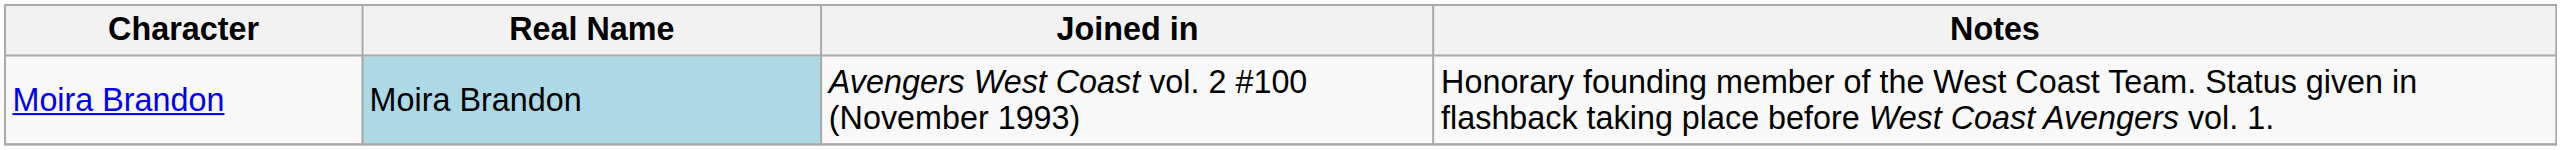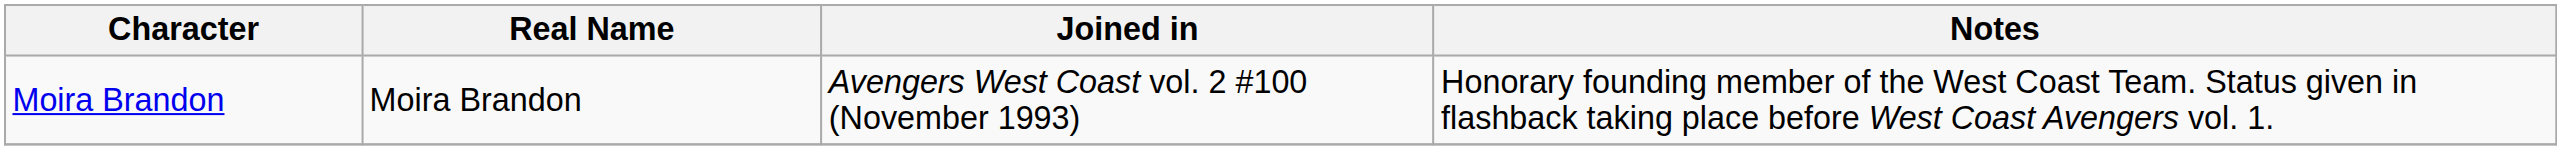 <table class="wikitable" style="width:100%;">
 <tr>
 <th width=14%>Character</th>
 <th width=18%>Real Name</th>
 <th width=24%>Joined in</th>
 <th>Notes</th>
 </tr>
 <tr>
 <td><a href='#'>Moira Brandon</a></td>
-<td style="background: lightblue;">Moira Brandon</td>
+<td>Moira Brandon</td>
 <td><em>Avengers West Coast</em> vol. 2 #100 <br>(November 1993)</td>
 <td>Honorary founding member of the West Coast Team. Status given in flashback taking place before <em>West Coast Avengers</em> vol. 1.</td>
 </tr>
 <tr>
 </tr>
 </table>
